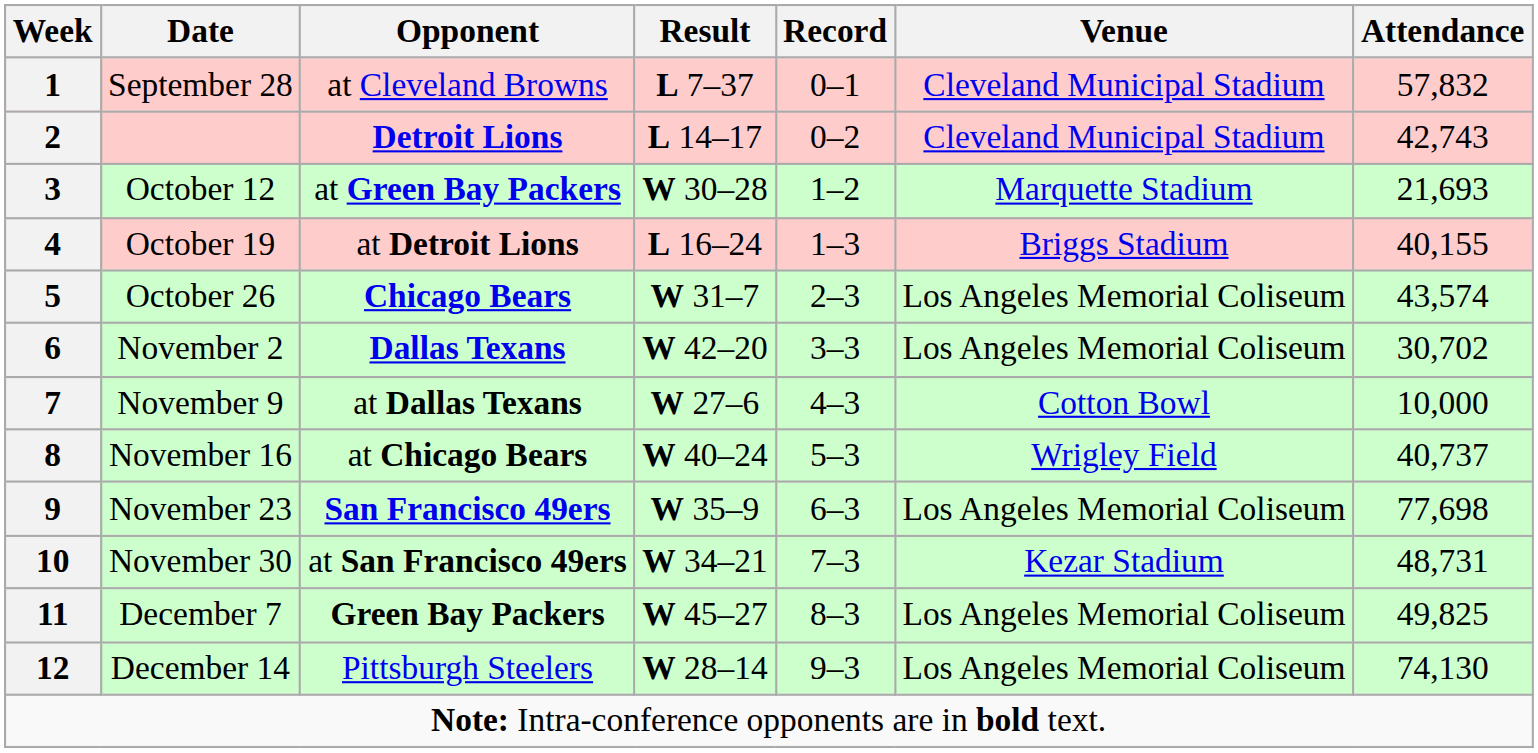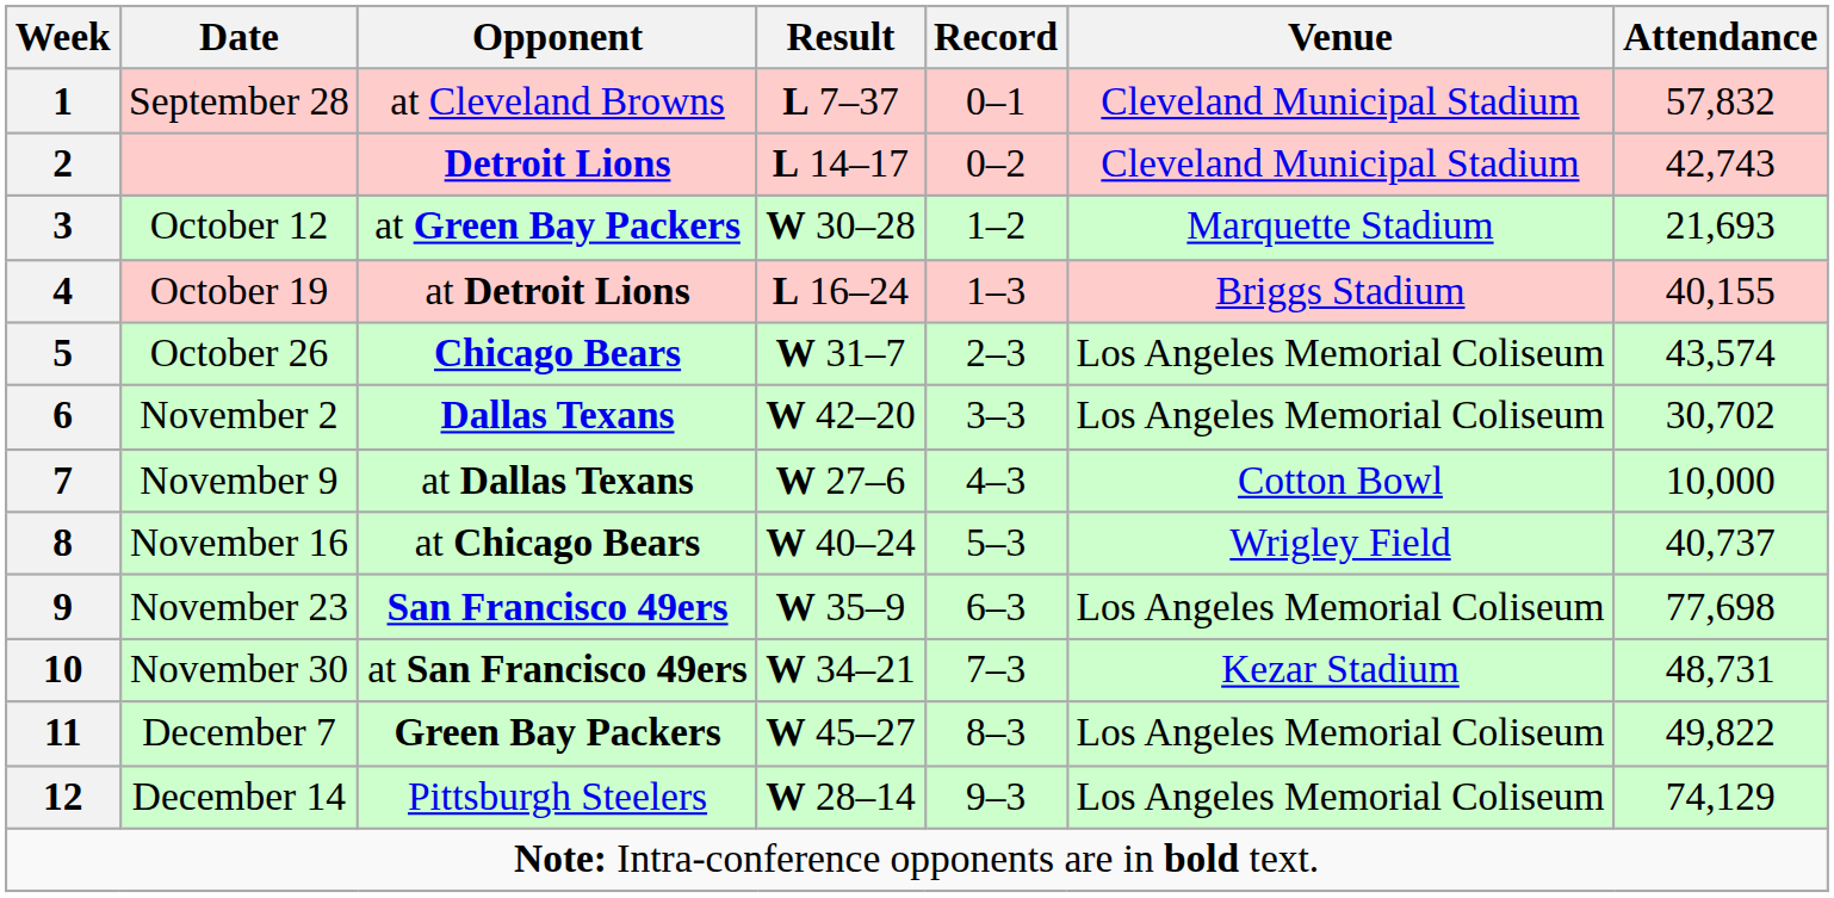 <table class="wikitable" style="text-align:center">
 <tr>
 <th>Week</th>
 <th>Date</th>
 <th>Opponent</th>
 <th>Result</th>
 <th>Record</th>
 <th>Venue</th>
 <th>Attendance</th>
 </tr>
 <tr style="background:#fcc">
 <th>1</th>
 <td>September 28</td>
 <td>at <a href='#'>Cleveland Browns</a></td>
 <td><strong>L</strong> 7–37</td>
 <td>0–1</td>
 <td><a href='#'>Cleveland Municipal Stadium</a></td>
 <td>57,832</td>
 </tr>
 <tr style="background:#fcc">
 <th>2</th>
 <td></td>
 <td><strong><a href='#'>Detroit Lions</a></strong></td>
 <td><strong>L</strong> 14–17</td>
 <td>0–2</td>
 <td><a href='#'>Cleveland Municipal Stadium</a></td>
 <td>42,743</td>
 </tr>
 <tr style="background:#cfc">
 <th>3</th>
 <td>October 12</td>
 <td>at <strong><a href='#'>Green Bay Packers</a></strong></td>
 <td><strong>W</strong> 30–28</td>
 <td>1–2</td>
 <td><a href='#'>Marquette Stadium</a></td>
 <td>21,693</td>
 </tr>
 <tr style="background:#fcc">
 <th>4</th>
 <td>October 19</td>
 <td>at <strong>Detroit Lions</strong></td>
 <td><strong>L</strong> 16–24</td>
 <td>1–3</td>
 <td><a href='#'>Briggs Stadium</a></td>
 <td>40,155</td>
 </tr>
 <tr style="background:#cfc">
 <th>5</th>
 <td>October 26</td>
 <td><strong><a href='#'>Chicago Bears</a></strong></td>
 <td><strong>W</strong> 31–7</td>
 <td>2–3</td>
 <td>Los Angeles Memorial Coliseum</td>
 <td>43,574</td>
 </tr>
 <tr style="background:#cfc">
 <th>6</th>
 <td>November 2</td>
 <td><strong><a href='#'>Dallas Texans</a></strong></td>
 <td><strong>W</strong> 42–20</td>
 <td>3–3</td>
 <td>Los Angeles Memorial Coliseum</td>
 <td>30,702</td>
 </tr>
 <tr style="background:#cfc">
 <th>7</th>
 <td>November 9</td>
 <td>at <strong>Dallas Texans</strong></td>
 <td><strong>W</strong> 27–6</td>
 <td>4–3</td>
 <td><a href='#'>Cotton Bowl</a></td>
 <td>10,000</td>
 </tr>
 <tr style="background:#cfc">
 <th>8</th>
 <td>November 16</td>
 <td>at <strong>Chicago Bears</strong></td>
 <td><strong>W</strong> 40–24</td>
 <td>5–3</td>
 <td><a href='#'>Wrigley Field</a></td>
 <td>40,737</td>
 </tr>
 <tr style="background:#cfc">
 <th>9</th>
 <td>November 23</td>
 <td><strong><a href='#'>San Francisco 49ers</a></strong></td>
 <td><strong>W</strong> 35–9</td>
 <td>6–3</td>
 <td>Los Angeles Memorial Coliseum</td>
 <td>77,698</td>
 </tr>
 <tr style="background:#cfc">
 <th>10</th>
 <td>November 30</td>
 <td>at <strong>San Francisco 49ers</strong></td>
 <td><strong>W</strong> 34–21</td>
 <td>7–3</td>
 <td><a href='#'>Kezar Stadium</a></td>
 <td>48,731</td>
 </tr>
 <tr style="background:#cfc">
 <th>11</th>
 <td>December 7</td>
 <td><strong>Green Bay Packers</strong></td>
 <td><strong>W</strong> 45–27</td>
 <td>8–3</td>
 <td>Los Angeles Memorial Coliseum</td>
-<td>49,825</td>
+<td>49,822</td>
 </tr>
 <tr style="background:#cfc">
 <th>12</th>
 <td>December 14</td>
 <td><a href='#'>Pittsburgh Steelers</a></td>
 <td><strong>W</strong> 28–14</td>
 <td>9–3</td>
 <td>Los Angeles Memorial Coliseum</td>
-<td>74,130</td>
+<td>74,129</td>
 </tr>
 <tr>
 <td colspan="8"><strong>Note:</strong> Intra-conference opponents are in <strong>bold</strong> text.</td>
 </tr>
 </table>
